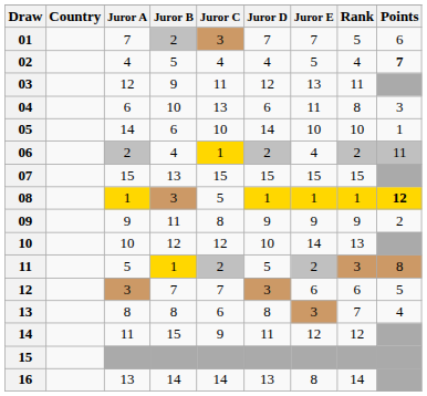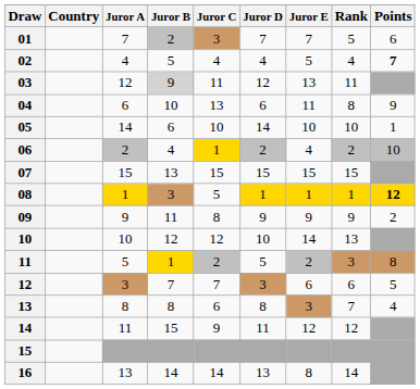 <table class="sortable wikitable collapsible plainrowheaders" style="text-align:center;">
 <tr>
 </tr>
 <tr>
 <th scope="col">Draw</th>
 <th scope="col">Country</th>
 <th scope="col"><small>Juror A</small></th>
 <th scope="col"><small>Juror B</small></th>
 <th scope="col"><small>Juror C</small></th>
 <th scope="col"><small>Juror D</small></th>
 <th scope="col"><small>Juror E</small></th>
 <th scope="col">Rank</th>
 <th scope="col">Points</th>
 </tr>
 <tr>
 <th scope="row" style="text-align:center;">01</th>
 <td style="text-align:left;"></td>
 <td>7</td>
 <td style="background:silver;">2</td>
 <td style="background:#CC9966;">3</td>
 <td>7</td>
 <td>7</td>
 <td>5</td>
 <td>6</td>
 </tr>
 <tr>
 <th scope="row" style="text-align:center;">02</th>
 <td style="text-align:left;"></td>
 <td>4</td>
 <td>5</td>
 <td>4</td>
 <td>4</td>
 <td>5</td>
 <td>4</td>
 <td><strong>7</strong></td>
 </tr>
 <tr>
 <th scope="row" style="text-align:center;">03</th>
 <td style="text-align:left;"></td>
 <td>12</td>
-<td>9</td>
+<td style="background: lightgrey;">9</td>
 <td>11</td>
 <td>12</td>
 <td>13</td>
 <td>11</td>
 <td style="background:#AAAAAA;"></td>
 </tr>
 <tr>
 <th scope="row" style="text-align:center;">04</th>
 <td style="text-align:left;"></td>
 <td>6</td>
 <td>10</td>
 <td>13</td>
 <td>6</td>
 <td>11</td>
 <td>8</td>
-<td>3</td>
+<td>9</td>
 </tr>
 <tr>
 <th scope="row" style="text-align:center;">05</th>
 <td style="text-align:left;"></td>
 <td>14</td>
 <td>6</td>
 <td>10</td>
 <td>14</td>
 <td>10</td>
 <td>10</td>
 <td>1</td>
 </tr>
 <tr>
 <th scope="row" style="text-align:center;">06</th>
 <td style="text-align:left;"></td>
 <td style="background:silver;">2</td>
 <td>4</td>
 <td style="background:gold;">1</td>
 <td style="background:silver;">2</td>
 <td>4</td>
 <td style="background:silver;">2</td>
-<td style="background:silver;">11</td>
+<td style="background:silver;">10</td>
 </tr>
 <tr>
 <th scope="row" style="text-align:center;">07</th>
 <td style="text-align:left;"></td>
 <td>15</td>
 <td>13</td>
 <td>15</td>
 <td>15</td>
 <td>15</td>
 <td>15</td>
 <td style="background:#AAAAAA;"></td>
 </tr>
 <tr>
 <th scope="row" style="text-align:center;">08</th>
 <td style="text-align:left;"></td>
 <td style="background:gold;">1</td>
 <td style="background:#CC9966;">3</td>
 <td>5</td>
 <td style="background:gold;">1</td>
 <td style="background:gold;">1</td>
 <td style="background:gold;">1</td>
 <td style="background:gold;"><strong>12</strong></td>
 </tr>
 <tr>
 <th scope="row" style="text-align:center;">09</th>
 <td style="text-align:left;"></td>
 <td>9</td>
 <td>11</td>
 <td>8</td>
 <td>9</td>
 <td>9</td>
 <td>9</td>
 <td>2</td>
 </tr>
 <tr>
 <th scope="row" style="text-align:center;">10</th>
 <td style="text-align:left;"></td>
 <td>10</td>
 <td>12</td>
 <td>12</td>
 <td>10</td>
 <td>14</td>
 <td>13</td>
 <td style="background:#AAAAAA;"></td>
 </tr>
 <tr>
 <th scope="row" style="text-align:center;">11</th>
 <td style="text-align:left;"></td>
 <td>5</td>
 <td style="background:gold;">1</td>
 <td style="background:silver;">2</td>
 <td>5</td>
 <td style="background:silver;">2</td>
 <td style="background:#CC9966;">3</td>
 <td style="background:#CC9966;">8</td>
 </tr>
 <tr>
 <th scope="row" style="text-align:center;">12</th>
 <td style="text-align:left;"></td>
 <td style="background:#CC9966;">3</td>
 <td>7</td>
 <td>7</td>
 <td style="background:#CC9966;">3</td>
 <td>6</td>
 <td>6</td>
 <td>5</td>
 </tr>
 <tr>
 <th scope="row" style="text-align:center;">13</th>
 <td style="text-align:left;"></td>
 <td>8</td>
 <td>8</td>
 <td>6</td>
 <td>8</td>
 <td style="background:#CC9966;">3</td>
 <td>7</td>
 <td>4</td>
 </tr>
 <tr>
 <th scope="row" style="text-align:center;">14</th>
 <td style="text-align:left;"></td>
 <td>11</td>
 <td>15</td>
 <td>9</td>
 <td>11</td>
 <td>12</td>
 <td>12</td>
 <td style="background:#AAAAAA;"></td>
 </tr>
 <tr class="sortbottom">
 <th scope="row" style="text-align:center;">15</th>
 <td style="text-align:left;"></td>
 <td style="background:#AAAAAA;"></td>
 <td style="background:#AAAAAA;"></td>
 <td style="background:#AAAAAA;"></td>
 <td style="background:#AAAAAA;"></td>
 <td style="background:#AAAAAA;"></td>
 <td style="background:#AAAAAA;"></td>
 <td style="background:#AAAAAA;"></td>
 </tr>
 <tr>
 <th scope="row" style="text-align:center;">16</th>
 <td style="text-align:left;"></td>
 <td>13</td>
 <td>14</td>
 <td>14</td>
 <td>13</td>
 <td>8</td>
 <td>14</td>
 <td style="background:#AAAAAA;"></td>
 </tr>
 </table>
